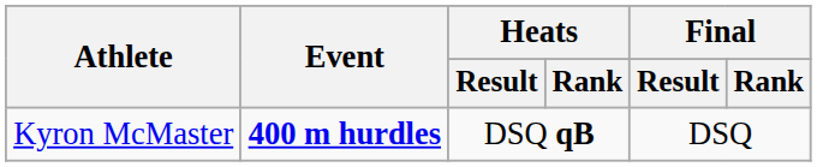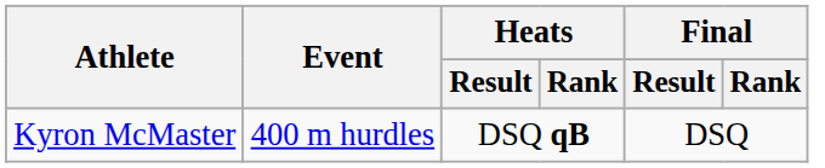 <table class="wikitable" style="font-size:90%">
 <tr>
 <th rowspan=2>Athlete</th>
 <th rowspan=2>Event</th>
 <th colspan=2>Heats</th>
 <th colspan=2>Final</th>
 </tr>
 <tr style="font-size:95%">
 <th>Result</th>
 <th>Rank</th>
 <th>Result</th>
 <th>Rank</th>
 </tr>
 <tr align=center>
 <td align=left><a href='#'>Kyron McMaster</a></td>
-<td align=left><strong><a href='#'>400 m hurdles</a></strong></td>
+<td align=left><a href='#'>400 m hurdles</a></td>
 <td colspan=2>DSQ <strong>qB</strong></td>
 <td colspan=2>DSQ</td>
 </tr>
 </table>
